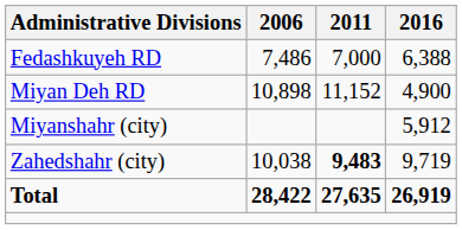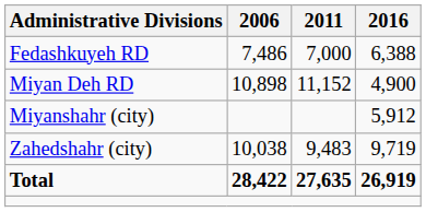 <table class="wikitable">
 <tr>
 <th>Administrative Divisions</th>
 <th>2006</th>
 <th>2011</th>
 <th>2016</th>
 </tr>
 <tr>
 <td><a href='#'>Fedashkuyeh RD</a></td>
 <td style="text-align: right;">7,486</td>
 <td style="text-align: right;">7,000</td>
 <td style="text-align: right;">6,388</td>
 </tr>
 <tr>
 <td><a href='#'>Miyan Deh RD</a></td>
 <td style="text-align: right;">10,898</td>
 <td style="text-align: right;">11,152</td>
 <td style="text-align: right;">4,900</td>
 </tr>
 <tr>
 <td><a href='#'>Miyanshahr</a> (city)</td>
 <td style="text-align: right;"></td>
 <td style="text-align: right;"></td>
 <td style="text-align: right;">5,912</td>
 </tr>
 <tr>
 <td><a href='#'>Zahedshahr</a> (city)</td>
 <td style="text-align: right;">10,038</td>
-<td style="text-align: right;"><strong>9,483</strong></td>
+<td style="text-align: right;">9,483</td>
 <td style="text-align: right;">9,719</td>
 </tr>
 <tr>
 <td><strong>Total</strong></td>
 <td style="text-align: right;"><strong>28,422</strong></td>
 <td style="text-align: right;"><strong>27,635</strong></td>
 <td style="text-align: right;"><strong>26,919</strong></td>
 </tr>
 <tr>
 <td colspan=4></td>
 </tr>
 </table>
